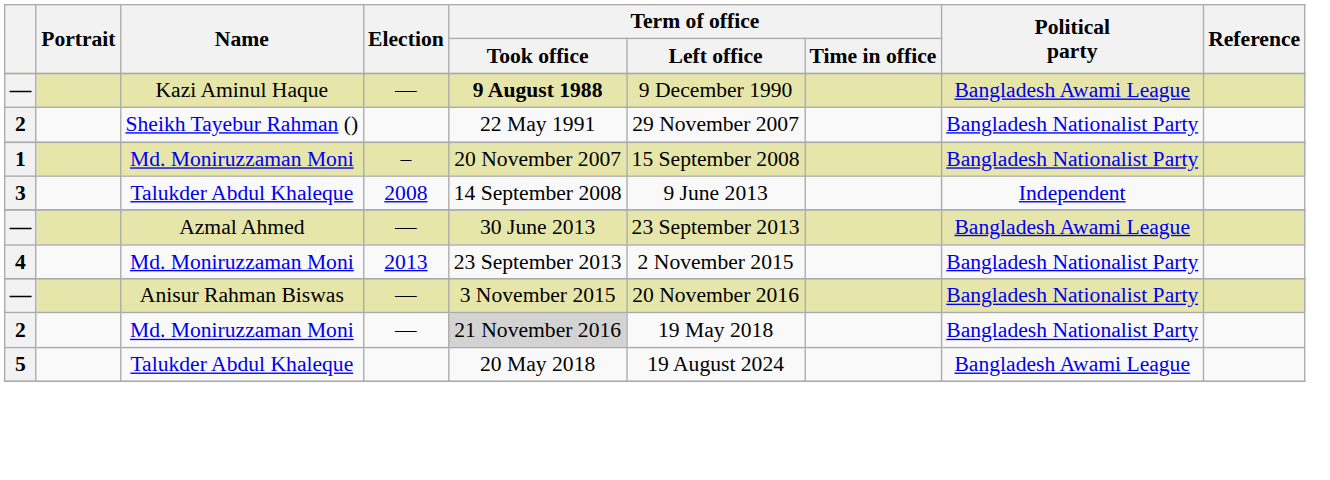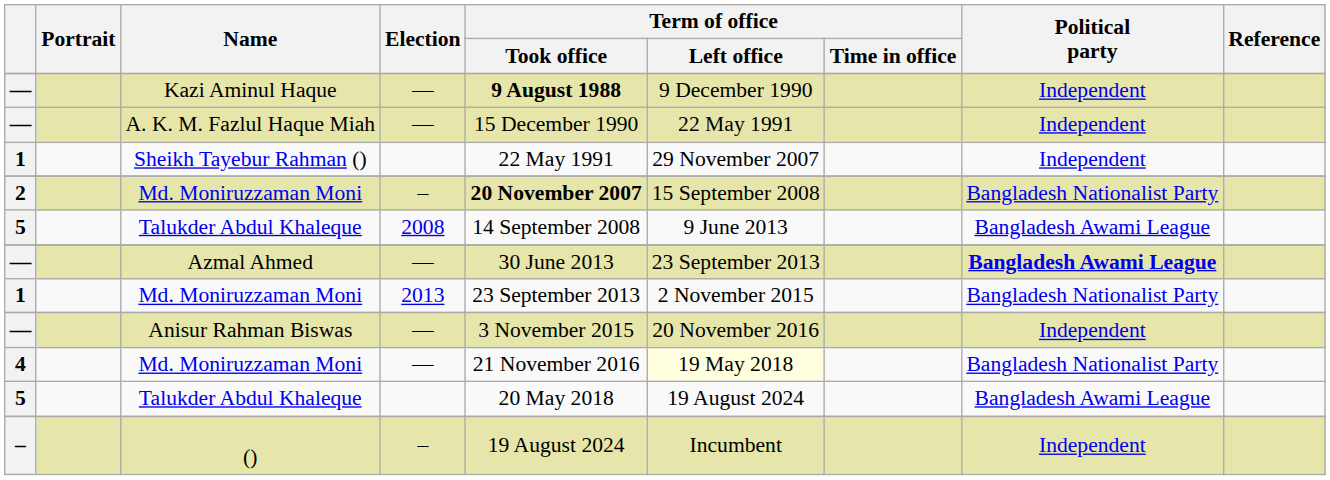 <table class="wikitable" style="text-align:center">
 <tr>
 <th rowspan="2"></th>
 <th rowspan="2">Portrait</th>
 <th rowspan="2">Name<br></th>
 <th rowspan="2">Election</th>
 <th colspan="3"><strong>Term of office</strong></th>
 <th rowspan="2"><strong>Political<br> party</strong></th>
 <th rowspan="2"><strong>Reference</strong></th>
 </tr>
 <tr>
 <th><strong>Took office</strong></th>
 <th><strong>Left office</strong></th>
 <th><strong>Time in office</strong></th>
 </tr>
 <tr>
 </tr>
 <tr style="background:#e6e6aa;">
 <th style="background:">—</th>
 <td align=center></td>
 <td>Kazi Aminul Haque</td>
 <td>—</td>
 <td align=center><strong>9 August 1988</strong></td>
 <td align=center>9 December 1990</td>
 <td></td>
-<td><a href='#'>Bangladesh Awami League</a></td>
+<td><a href='#'>Independent</a></td>
+<td></td>
+</tr>
+<tr style="background:#e6e6aa;">
+<th style="background:">—</th>
+<td align=center></td>
+<td>A. K. M. Fazlul Haque Miah</td>
+<td>—</td>
+<td align=center>15 December 1990</td>
+<td align=center>22 May 1991</td>
+<td></td>
+<td><a href='#'>Independent</a></td>
 <td></td>
 </tr>
 <tr>
-<th style="background:">2</th>
+<th style="background:">1</th>
 <td align=center></td>
 <td><a href='#'>Sheikh Tayebur Rahman</a> ()</td>
 <td></td>
 <td align=center>22 May 1991</td>
 <td align=center>29 November 2007</td>
 <td></td>
-<td><a href='#'>Bangladesh Nationalist Party</a></td>
+<td><a href='#'>Independent</a></td>
 <td></td>
 </tr>
 <tr>
 </tr>
 <tr style="background:#e6e6aa;">
-<th style="background:">1</th>
+<th style="background:">2</th>
 <td align=center></td>
 <td><a href='#'>Md. Moniruzzaman Moni</a></td>
 <td>–</td>
-<td align=center>20 November 2007</td>
+<td align=center><strong>20 November 2007</strong></td>
 <td align=center>15 September 2008</td>
 <td></td>
 <td><a href='#'>Bangladesh Nationalist Party</a></td>
 <td></td>
 </tr>
 <tr>
-<th style="background:">3</th>
+<th style="background:">5</th>
 <td align=center></td>
 <td><a href='#'>Talukder Abdul Khaleque</a></td>
 <td><a href='#'>2008</a></td>
 <td align=center>14 September 2008</td>
 <td align=center>9 June 2013</td>
 <td></td>
-<td><a href='#'>Independent</a></td>
+<td><a href='#'>Bangladesh Awami League</a></td>
 <td></td>
 </tr>
 <tr>
 </tr>
 <tr style="background:#e6e6aa;">
 <th style="background:">—</th>
 <td align=center></td>
 <td>Azmal Ahmed</td>
 <td>—</td>
 <td align=center>30 June 2013</td>
 <td align=center>23 September 2013</td>
 <td></td>
-<td><a href='#'>Bangladesh Awami League</a></td>
+<td><strong><a href='#'>Bangladesh Awami League</a></strong></td>
 <td></td>
 </tr>
 <tr>
-<th style="background:">4</th>
+<th style="background:">1</th>
 <td align=center></td>
 <td><a href='#'>Md. Moniruzzaman Moni</a></td>
 <td><a href='#'>2013</a></td>
 <td align=center>23 September 2013</td>
 <td align=center>2 November 2015</td>
 <td></td>
 <td><a href='#'>Bangladesh Nationalist Party</a></td>
 <td></td>
 </tr>
 <tr>
 </tr>
 <tr style="background:#e6e6aa;">
 <th style="background:">—</th>
 <td align=center></td>
 <td>Anisur Rahman Biswas</td>
 <td>—</td>
 <td align=center>3 November 2015</td>
 <td align=center>20 November 2016</td>
 <td></td>
-<td><a href='#'>Bangladesh Nationalist Party</a></td>
+<td><a href='#'>Independent</a></td>
 <td></td>
 </tr>
 <tr>
-<th style="background:">2</th>
+<th style="background:">4</th>
 <td align=center></td>
 <td><a href='#'>Md. Moniruzzaman Moni</a></td>
 <td>—</td>
-<td align=center style="background: lightgrey;">21 November 2016</td>
-<td align=center>19 May 2018</td>
+<td align=center>21 November 2016</td>
+<td align=center style="background: lightyellow;">19 May 2018</td>
 <td></td>
 <td><a href='#'>Bangladesh Nationalist Party</a></td>
 <td></td>
 </tr>
 <tr>
 <th style="background:">5</th>
 <td align=center></td>
 <td><a href='#'>Talukder Abdul Khaleque</a></td>
 <td></td>
 <td align=center>20 May 2018</td>
 <td align=center>19 August 2024</td>
 <td></td>
 <td><a href='#'>Bangladesh Awami League</a></td>
 <td></td>
 </tr>
 <tr>
 </tr>
+<tr style="background:#e6e6aa;">
+<th style="background:">–</th>
+<td align=center></td>
+<td><br>()</td>
+<td>–</td>
+<td align=center>19 August 2024</td>
+<td align=center>Incumbent</td>
+<td></td>
+<td><a href='#'>Independent</a></td>
+<td></td>
+</tr>
 </table>
